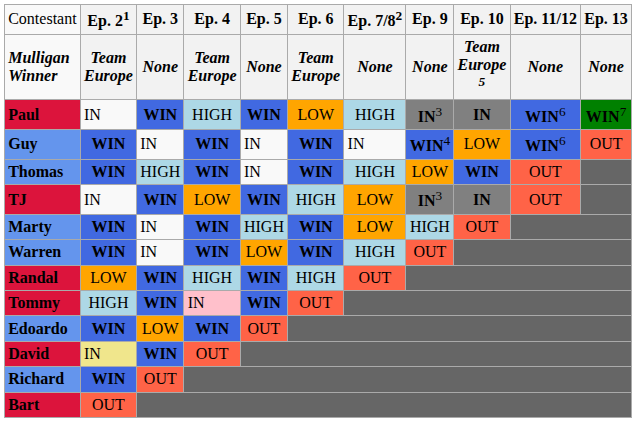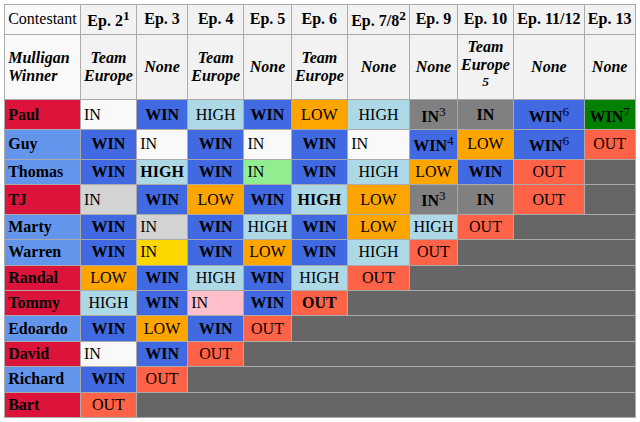 <table class="wikitable">
 <tr>
 <td align="center">Contestant</td>
 <th>Ep. 2<sup>1</sup></th>
 <th>Ep. 3</th>
 <th>Ep. 4</th>
 <th>Ep. 5</th>
 <th>Ep. 6</th>
 <th>Ep. 7/8<sup>2</sup></th>
 <th>Ep. 9</th>
 <th>Ep. 10</th>
 <th>Ep. 11/12</th>
 <th>Ep. 13</th>
 </tr>
 <tr>
 <td><strong><em>Mulligan<strong><br></strong>Winner</em></strong></td>
 <th><em>Team</em><br><em>Europe</em><br></th>
 <th><em>None</em></th>
 <th><em>Team</em><br><em>Europe</em><br></th>
 <th><em>None</em></th>
 <th><em>Team</em><br><em>Europe</em><br></th>
 <th><em>None</em></th>
 <th><em>None</em></th>
 <th><em>Team</em><br><em>Europe</em><br><em><sup>5</sup></em></th>
 <th><em>None</em></th>
 <th><em>None</em></th>
 </tr>
 <tr>
 <td style="background-color:crimson;"><strong>Paul</strong></td>
 <td>IN</td>
 <td align="center" style="background:royalblue;"><strong>WIN</strong></td>
 <td align="center" style="background:lightblue;">HIGH</td>
 <td align="center" style="background:royalblue;"><strong>WIN</strong></td>
 <td align="center" style="background:orange;">LOW</td>
 <td align="center" style="background:lightblue;">HIGH</td>
 <td align="center" style="background:gray;"><strong>IN</strong><sup>3</sup></td>
 <td align="center" style="background:gray;"><strong>IN</strong></td>
 <td align="center" style="background:royalblue;"><strong>WIN</strong><sup>6</sup></td>
 <td align="center" style="background:green;"><strong>WIN</strong><sup>7</sup></td>
 </tr>
 <tr>
 <td style="background-color:cornflowerblue;"><strong>Guy</strong></td>
 <td align="center" style="background:royalblue;"><strong>WIN</strong></td>
 <td>IN</td>
 <td align="center" style="background:royalblue;"><strong>WIN</strong></td>
 <td>IN</td>
 <td align="center" style="background:royalblue;"><strong>WIN</strong></td>
 <td>IN</td>
 <td align="center" style="background:royalblue;"><strong>WIN</strong><sup>4</sup></td>
 <td align="center" style="background:orange;">LOW</td>
 <td align="center" style="background:royalblue;"><strong>WIN</strong><sup>6</sup></td>
 <td align="center" style="background:tomato;">OUT</td>
 </tr>
 <tr>
 <td style="background-color:cornflowerblue;"><strong>Thomas</strong></td>
 <td align="center" style="background:royalblue;"><strong>WIN</strong></td>
-<td align="center" style="background:lightblue;">HIGH</td>
+<td align="center" style="background:lightblue;"><strong>HIGH</strong></td>
 <td align="center" style="background:royalblue;"><strong>WIN</strong></td>
-<td>IN</td>
+<td style="background: lightgreen;">IN</td>
 <td align="center" style="background:royalblue;"><strong>WIN</strong></td>
 <td align="center" style="background:lightblue;">HIGH</td>
 <td align="center" style="background:orange;">LOW</td>
 <td align="center" style="background:royalblue;"><strong>WIN</strong></td>
 <td align="center" style="background:tomato;">OUT</td>
 <td colspan="2" style="background:#666666;"></td>
 </tr>
 <tr>
 <td style="background-color:crimson;"><strong>TJ</strong></td>
-<td>IN</td>
+<td style="background: lightgrey;">IN</td>
 <td align="center" style="background:royalblue;"><strong>WIN</strong></td>
 <td align="center" style="background:orange;">LOW</td>
 <td align="center" style="background:royalblue;"><strong>WIN</strong></td>
-<td align="center" style="background:lightblue;">HIGH</td>
+<td align="center" style="background:lightblue;"><strong>HIGH</strong></td>
 <td align="center" style="background:orange;">LOW</td>
 <td align="center" style="background:gray;"><strong>IN</strong><sup>3</sup></td>
 <td align="center" style="background:gray;"><strong>IN</strong></td>
 <td align="center" style="background:tomato;">OUT</td>
 <td colspan="2" style="background:#666666;"></td>
 </tr>
 <tr>
 <td style="background-color:cornflowerblue;"><strong>Marty</strong></td>
 <td align="center" style="background:royalblue;"><strong>WIN</strong></td>
-<td>IN</td>
+<td style="background: lightgrey;">IN</td>
 <td align="center" style="background:royalblue;"><strong>WIN</strong></td>
 <td align="center" style="background:lightblue;">HIGH</td>
 <td align="center" style="background:royalblue;"><strong>WIN</strong></td>
 <td align="center" style="background:orange;">LOW</td>
 <td align="center" style="background:lightblue;">HIGH</td>
 <td align="center" style="background:tomato;">OUT</td>
 <td colspan="3" style="background:#666666;"></td>
 </tr>
 <tr>
 <td style="background-color:cornflowerblue;"><strong>Warren</strong></td>
 <td align="center" style="background:royalblue;"><strong>WIN</strong></td>
-<td>IN</td>
+<td style="background: gold;">IN</td>
 <td align="center" style="background:royalblue;"><strong>WIN</strong></td>
 <td align="center" style="background:orange;">LOW</td>
 <td align="center" style="background:royalblue;"><strong>WIN</strong></td>
 <td align="center" style="background:lightblue;">HIGH</td>
 <td align="center" style="background:tomato;">OUT</td>
 <td colspan="4" style="background:#666666;"></td>
 </tr>
 <tr>
 <td style="background-color:crimson;"><strong>Randal</strong></td>
 <td align="center" style="background:orange;">LOW</td>
 <td align="center" style="background:royalblue;"><strong>WIN</strong></td>
 <td align="center" style="background:lightblue;">HIGH</td>
 <td align="center" style="background:royalblue;"><strong>WIN</strong></td>
 <td align="center" style="background:lightblue;">HIGH</td>
 <td align="center" style="background:tomato;">OUT</td>
 <td colspan="5" style="background:#666666;"></td>
 </tr>
 <tr>
 <td style="background-color:crimson;"><strong>Tommy</strong></td>
 <td align="center" style="background:lightblue;">HIGH</td>
 <td align="center" style="background:royalblue;"><strong>WIN</strong></td>
 <td style="background: pink;">IN</td>
 <td align="center" style="background:royalblue;"><strong>WIN</strong></td>
-<td align="center" style="background:tomato;">OUT</td>
+<td align="center" style="background:tomato;"><strong>OUT</strong></td>
 <td colspan="6" style="background:#666666;"></td>
 </tr>
 <tr>
 <td style="background-color:cornflowerblue;"><strong>Edoardo</strong></td>
 <td align="center" style="background:royalblue;"><strong>WIN</strong></td>
 <td align="center" style="background:orange;">LOW</td>
 <td align="center" style="background:royalblue;"><strong>WIN</strong></td>
 <td align="center" style="background:tomato;">OUT</td>
 <td colspan="7" style="background:#666666;"></td>
 </tr>
 <tr>
 <td style="background-color:crimson;"><strong>David</strong></td>
-<td style="background: khaki;">IN</td>
+<td>IN</td>
 <td align="center" style="background:royalblue;"><strong>WIN</strong></td>
 <td align="center" style="background:tomato;">OUT</td>
 <td colspan="8" style="background:#666666;"></td>
 </tr>
 <tr>
 <td style="background-color:cornflowerblue;"><strong>Richard</strong></td>
 <td align="center" style="background:royalblue;"><strong>WIN</strong></td>
 <td align="center" style="background:tomato;">OUT</td>
 <td colspan="9" style="background:#666666;"></td>
 </tr>
 <tr>
 <td style="background-color:crimson;"><strong>Bart</strong></td>
 <td align="center" style="background:tomato;">OUT</td>
 <td colspan="10" style="background:#666666;"></td>
 </tr>
 </table>
